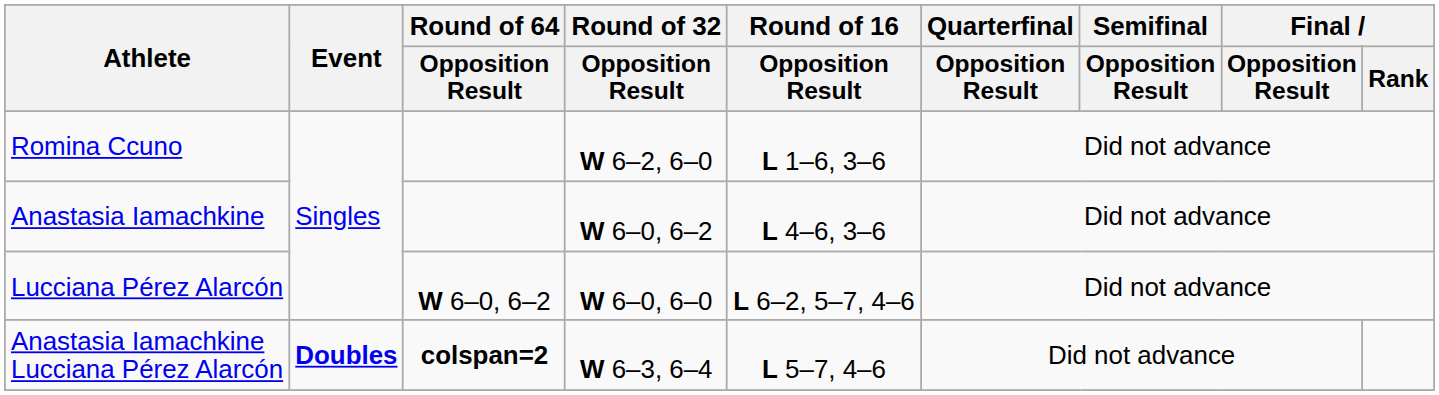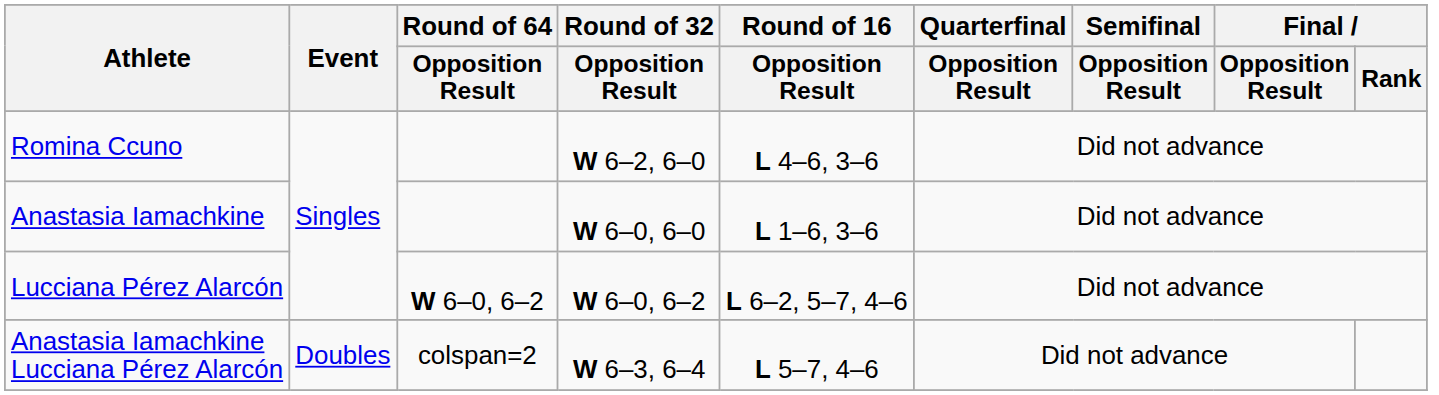 <table class=wikitable style=font-size:90%;text-align:center>
 <tr>
 <th rowspan=2>Athlete</th>
 <th rowspan=2>Event</th>
 <th>Round of 64</th>
 <th>Round of 32</th>
 <th>Round of 16</th>
 <th>Quarterfinal</th>
 <th>Semifinal</th>
 <th colspan=2>Final / </th>
 </tr>
 <tr style=font-size:95%>
 <th>Opposition<br>Result</th>
 <th>Opposition<br>Result</th>
 <th>Opposition<br>Result</th>
 <th>Opposition<br>Result</th>
 <th>Opposition<br>Result</th>
 <th>Opposition<br>Result</th>
 <th>Rank</th>
 </tr>
 <tr>
 <td align=left><a href='#'>Romina Ccuno</a></td>
 <td align=left rowspan=3><a href='#'>Singles</a></td>
 <td></td>
 <td><br><strong>W</strong> 6–2, 6–0</td>
-<td><br><strong>L</strong> 1–6, 3–6</td>
+<td><br><strong>L</strong> 4–6, 3–6</td>
 <td colspan=5>Did not advance</td>
 </tr>
 <tr>
 <td align=left><a href='#'>Anastasia Iamachkine</a></td>
 <td></td>
-<td><br><strong>W</strong> 6–0, 6–2</td>
-<td><br><strong>L</strong> 4–6, 3–6</td>
+<td><br><strong>W</strong> 6–0, 6–0</td>
+<td><br><strong>L</strong> 1–6, 3–6</td>
 <td colspan=4>Did not advance</td>
 </tr>
 <tr>
 <td align=left><a href='#'>Lucciana Pérez Alarcón</a></td>
 <td><br><strong>W</strong> 6–0, 6–2</td>
-<td><br><strong>W</strong> 6–0, 6–0</td>
+<td><br><strong>W</strong> 6–0, 6–2</td>
 <td><br><strong>L</strong> 6–2, 5–7, 4–6</td>
 <td colspan=4>Did not advance</td>
 </tr>
 <tr>
 <td align=left><a href='#'>Anastasia Iamachkine</a><br><a href='#'>Lucciana Pérez Alarcón</a></td>
-<td align=left><strong><a href='#'>Doubles</a></strong></td>
-<td><strong>colspan=2 </strong></td>
+<td align=left><a href='#'>Doubles</a></td>
+<td>colspan=2 </td>
 <td><br><strong>W</strong> 6–3, 6–4</td>
 <td><br><strong>L</strong> 5–7, 4–6</td>
 <td colspan=3>Did not advance</td>
 </tr>
 </table>
